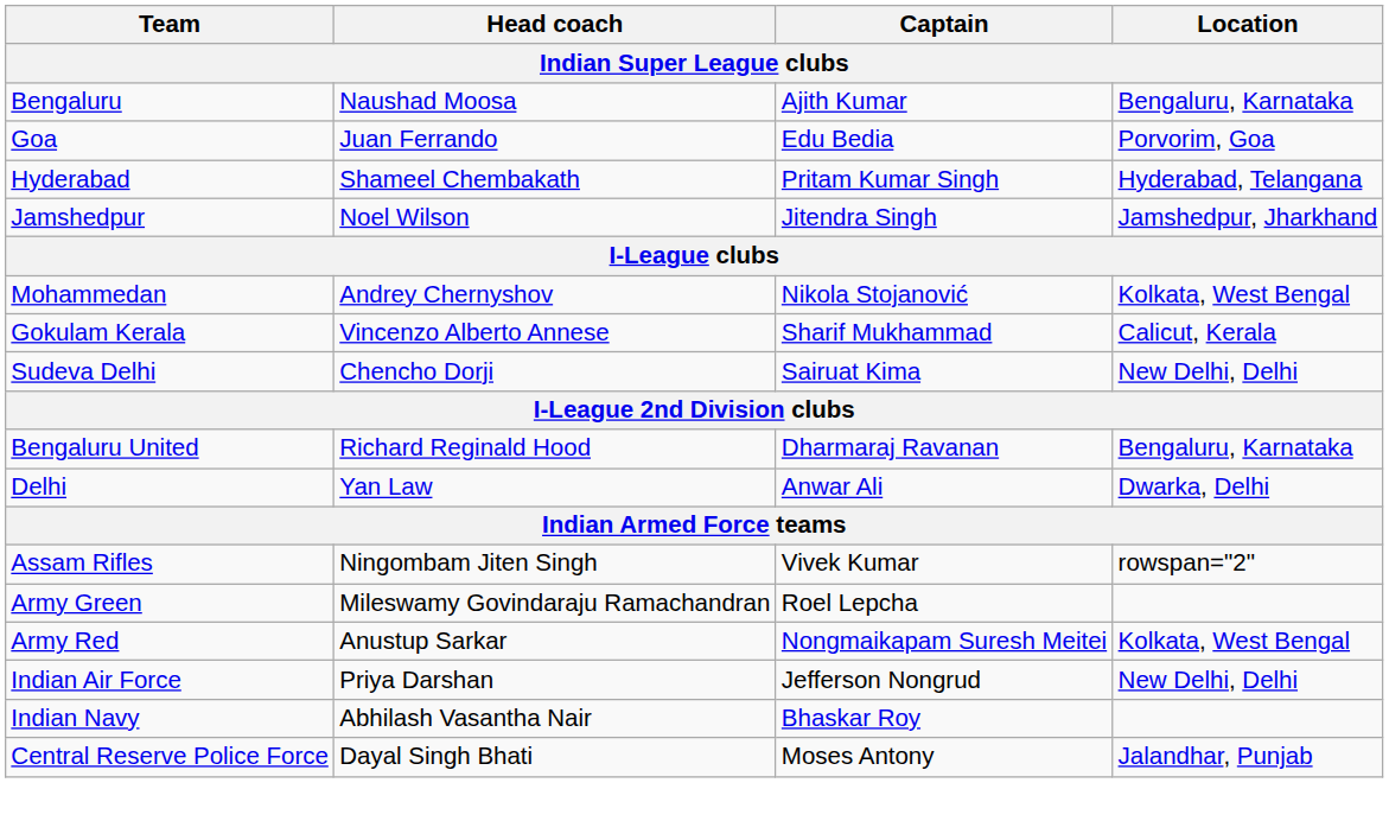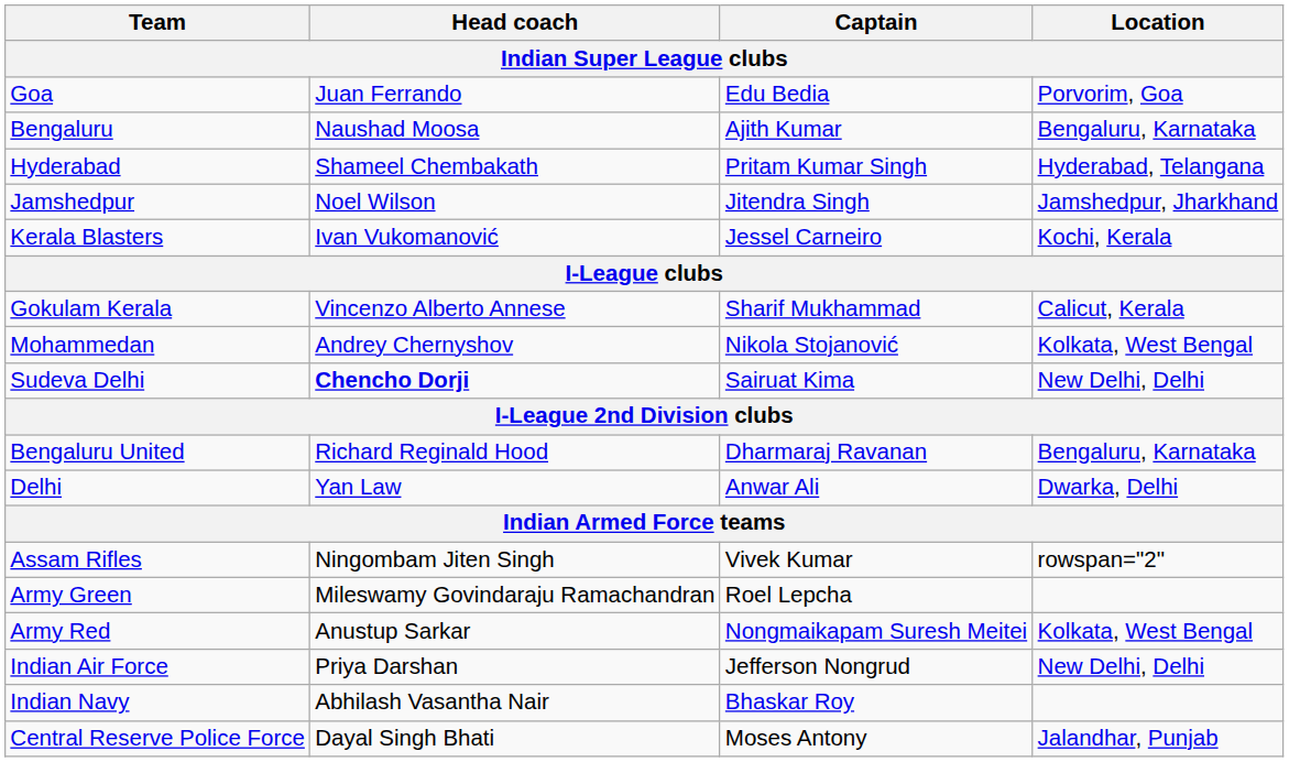 <table class="wikitable">
 <tr>
 <th>Team</th>
 <th>Head coach</th>
 <th>Captain</th>
 <th>Location</th>
 </tr>
 <tr>
 <th colspan="4"> <a href='#'>Indian Super League</a> clubs</th>
 </tr>
 <tr>
+<td><a href='#'>Goa</a></td>
+<td> <a href='#'>Juan Ferrando</a></td>
+<td> <a href='#'>Edu Bedia</a></td>
+<td><a href='#'>Porvorim</a>, <a href='#'>Goa</a></td>
+</tr>
+<tr>
 <td><a href='#'>Bengaluru</a></td>
 <td> <a href='#'>Naushad Moosa</a></td>
 <td> <a href='#'>Ajith Kumar</a></td>
 <td><a href='#'>Bengaluru</a>, <a href='#'>Karnataka</a></td>
-</tr>
-<tr>
-<td><a href='#'>Goa</a></td>
-<td> <a href='#'>Juan Ferrando</a></td>
-<td> <a href='#'>Edu Bedia</a></td>
-<td><a href='#'>Porvorim</a>, <a href='#'>Goa</a></td>
 </tr>
 <tr>
 <td><a href='#'>Hyderabad</a></td>
 <td> <a href='#'>Shameel Chembakath</a></td>
 <td> <a href='#'>Pritam Kumar Singh</a></td>
 <td><a href='#'>Hyderabad</a>, <a href='#'>Telangana</a></td>
 </tr>
 <tr>
 <td><a href='#'>Jamshedpur</a></td>
 <td> <a href='#'>Noel Wilson</a></td>
 <td> <a href='#'>Jitendra Singh</a></td>
 <td><a href='#'>Jamshedpur</a>, <a href='#'>Jharkhand</a></td>
 </tr>
 <tr>
+<td><a href='#'>Kerala Blasters</a></td>
+<td> <a href='#'>Ivan Vukomanović</a></td>
+<td> <a href='#'>Jessel Carneiro</a></td>
+<td><a href='#'>Kochi</a>, <a href='#'>Kerala</a></td>
+</tr>
+<tr>
 <th colspan="4"> <a href='#'>I-League</a> clubs</th>
+</tr>
+<tr>
+<td><a href='#'>Gokulam Kerala</a></td>
+<td> <a href='#'>Vincenzo Alberto Annese</a></td>
+<td> <a href='#'>Sharif Mukhammad</a></td>
+<td><a href='#'>Calicut</a>, <a href='#'>Kerala</a></td>
 </tr>
 <tr>
 <td><a href='#'>Mohammedan</a></td>
 <td> <a href='#'>Andrey Chernyshov</a></td>
 <td> <a href='#'>Nikola Stojanović</a></td>
 <td><a href='#'>Kolkata</a>, <a href='#'>West Bengal</a></td>
 </tr>
 <tr>
-<td><a href='#'>Gokulam Kerala</a></td>
-<td> <a href='#'>Vincenzo Alberto Annese</a></td>
-<td> <a href='#'>Sharif Mukhammad</a></td>
-<td><a href='#'>Calicut</a>, <a href='#'>Kerala</a></td>
-</tr>
-<tr>
 <td><a href='#'>Sudeva Delhi</a></td>
-<td> <a href='#'>Chencho Dorji</a></td>
+<td><strong> <a href='#'>Chencho Dorji</a></strong></td>
 <td> <a href='#'>Sairuat Kima</a></td>
 <td><a href='#'>New Delhi</a>, <a href='#'>Delhi</a></td>
 </tr>
 <tr>
 <th colspan="4"> <a href='#'>I-League 2nd Division</a> clubs</th>
 </tr>
 <tr>
 <td><a href='#'>Bengaluru United</a></td>
 <td> <a href='#'>Richard Reginald Hood</a></td>
 <td> <a href='#'>Dharmaraj Ravanan</a></td>
 <td><a href='#'>Bengaluru</a>, <a href='#'>Karnataka</a></td>
 </tr>
 <tr>
 <td><a href='#'>Delhi</a></td>
 <td> <a href='#'>Yan Law</a></td>
 <td> <a href='#'>Anwar Ali</a></td>
 <td><a href='#'>Dwarka</a>, <a href='#'>Delhi</a></td>
 </tr>
 <tr>
 <th colspan="4"> <a href='#'>Indian Armed Force</a> teams</th>
 </tr>
 <tr>
 <td><a href='#'>Assam Rifles</a></td>
 <td> Ningombam Jiten Singh</td>
 <td> Vivek Kumar</td>
 <td>rowspan="2" </td>
 </tr>
 <tr>
 <td><a href='#'>Army Green</a></td>
 <td> Mileswamy Govindaraju Ramachandran</td>
 <td> Roel Lepcha</td>
 </tr>
 <tr>
 <td><a href='#'>Army Red</a></td>
 <td> Anustup Sarkar</td>
 <td> <a href='#'>Nongmaikapam Suresh Meitei</a></td>
 <td><a href='#'>Kolkata</a>, <a href='#'>West Bengal</a></td>
 </tr>
 <tr>
 <td><a href='#'>Indian Air Force</a></td>
 <td> Priya Darshan</td>
 <td> Jefferson Nongrud</td>
 <td><a href='#'>New Delhi</a>, <a href='#'>Delhi</a></td>
 </tr>
 <tr>
 <td><a href='#'>Indian Navy</a></td>
 <td> Abhilash Vasantha Nair</td>
 <td> <a href='#'>Bhaskar Roy</a></td>
 <td></td>
 </tr>
 <tr>
 <td><a href='#'>Central Reserve Police Force</a></td>
 <td> Dayal Singh Bhati</td>
 <td> Moses Antony</td>
 <td><a href='#'>Jalandhar</a>, <a href='#'>Punjab</a></td>
 </tr>
 </table>
